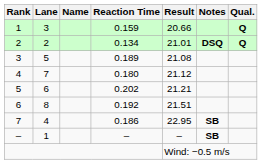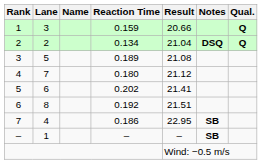 <table class="wikitable" style="text-align:center">
 <tr>
 <th>Rank</th>
 <th>Lane</th>
 <th>Name</th>
 <th>Reaction Time</th>
 <th>Result</th>
 <th>Notes</th>
 <th>Qual.</th>
 </tr>
 <tr bgcolor=ccffcc>
 <td>1</td>
 <td>3</td>
 <td align="left"></td>
 <td>0.159</td>
 <td>20.66</td>
 <td></td>
 <td><strong>Q</strong></td>
 </tr>
 <tr bgcolor=ccffcc>
 <td>2</td>
 <td>2</td>
 <td align="left"></td>
 <td>0.134</td>
-<td>21.01</td>
+<td>21.04</td>
 <td><strong>DSQ</strong></td>
 <td><strong>Q</strong></td>
 </tr>
 <tr>
 <td>3</td>
 <td>5</td>
 <td align="left"></td>
 <td>0.189</td>
 <td>21.08</td>
 <td></td>
 <td></td>
 </tr>
 <tr>
 <td>4</td>
 <td>7</td>
 <td align="left"></td>
 <td>0.180</td>
 <td>21.12</td>
 <td></td>
 <td></td>
 </tr>
 <tr>
 <td>5</td>
 <td>6</td>
 <td align="left"></td>
 <td>0.202</td>
-<td>21.21</td>
+<td>21.41</td>
 <td></td>
 <td></td>
 </tr>
 <tr>
 <td>6</td>
 <td>8</td>
 <td align="left"></td>
 <td>0.192</td>
 <td>21.51</td>
 <td></td>
 <td></td>
 </tr>
 <tr>
 <td>7</td>
 <td>4</td>
 <td align="left"></td>
 <td>0.186</td>
 <td>22.95</td>
 <td><strong>SB</strong></td>
 <td></td>
 </tr>
 <tr>
 <td>–</td>
 <td>1</td>
 <td align="left"></td>
 <td>–</td>
 <td>–</td>
 <td><strong>SB</strong></td>
 <td></td>
 </tr>
 <tr class="sortbottom">
 <td colspan=4></td>
 <td colspan="3" style="text-align:left;">Wind: −0.5 m/s</td>
 </tr>
 </table>
